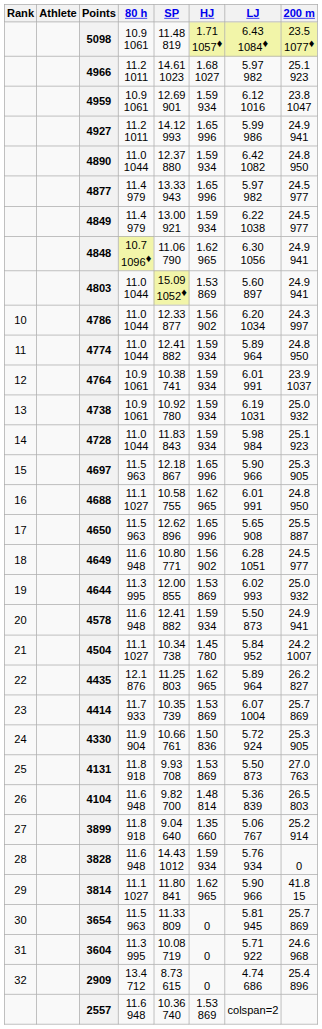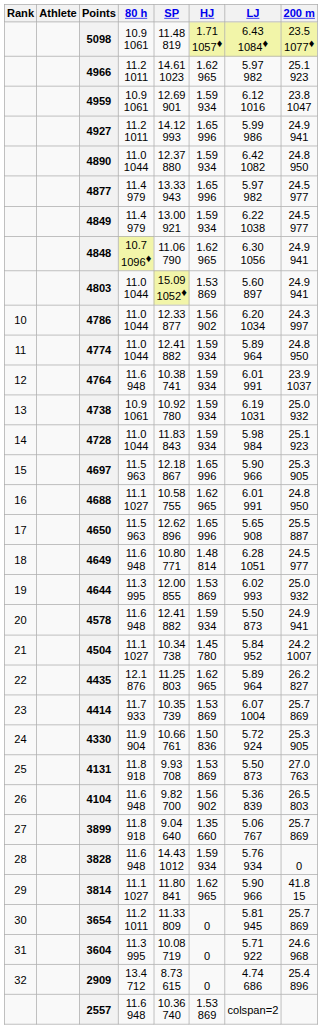 <table class="wikitable sortable" style="font-size:95%; text-align:center">
 <tr bgcolor=#E6E6E6>
 <th>Rank</th>
 <th>Athlete</th>
 <th>Points</th>
 <th><a href='#'>80 h</a></th>
 <th><a href='#'>SP</a></th>
 <th><a href='#'>HJ</a></th>
 <th><a href='#'>LJ</a></th>
 <th><a href='#'>200 m</a></th>
 </tr>
 <tr>
 <td></td>
 <td align=left></td>
 <th>5098</th>
 <td>10.9<br>1061</td>
 <td>11.48<br>819</td>
 <td bgcolor=#F2F5A9>1.71<br>1057<sup><big>♦</big></sup></td>
 <td bgcolor=#F2F5A9>6.43<br>1084<sup><big>♦</big></sup></td>
 <td bgcolor=#F2F5A9>23.5<br>1077<sup><big>♦</big></sup></td>
 </tr>
 <tr>
 <td></td>
 <td align=left></td>
 <th>4966</th>
 <td>11.2<br>1011</td>
 <td>14.61<br>1023</td>
-<td>1.68<br>1027</td>
+<td>1.62<br>965</td>
 <td>5.97<br>982</td>
 <td>25.1<br>923</td>
 </tr>
 <tr>
 <td></td>
 <td align=left></td>
 <th>4959</th>
 <td>10.9<br>1061</td>
 <td>12.69<br>901</td>
 <td>1.59<br>934</td>
 <td>6.12<br>1016</td>
 <td>23.8<br>1047</td>
 </tr>
 <tr>
 <td></td>
 <td align=left></td>
 <th>4927</th>
 <td>11.2<br>1011</td>
 <td>14.12<br>993</td>
 <td>1.65<br>996</td>
 <td>5.99<br>986</td>
 <td>24.9<br>941</td>
 </tr>
 <tr>
 <td></td>
 <td align=left></td>
 <th>4890</th>
 <td>11.0<br>1044</td>
 <td>12.37<br>880</td>
 <td>1.59<br>934</td>
 <td>6.42<br>1082</td>
 <td>24.8<br>950</td>
 </tr>
 <tr>
 <td></td>
 <td align=left></td>
 <th>4877</th>
 <td>11.4<br>979</td>
 <td>13.33<br>943</td>
 <td>1.65<br>996</td>
 <td>5.97<br>982</td>
 <td>24.5<br>977</td>
 </tr>
 <tr>
 <td></td>
 <td align=left></td>
 <th>4849</th>
 <td>11.4<br>979</td>
 <td>13.00<br>921</td>
 <td>1.59<br>934</td>
 <td>6.22<br>1038</td>
 <td>24.5<br>977</td>
 </tr>
 <tr>
 <td></td>
 <td align=left></td>
 <th>4848</th>
 <td bgcolor=#F2F5A9>10.7<br>1096<sup><big>♦</big></sup></td>
 <td>11.06<br>790</td>
 <td>1.62<br>965</td>
 <td>6.30<br>1056</td>
 <td>24.9<br>941</td>
 </tr>
 <tr>
 <td></td>
 <td align=left></td>
 <th>4803</th>
 <td>11.0<br>1044</td>
 <td bgcolor=#F2F5A9>15.09<br>1052<sup><big>♦</big></sup></td>
 <td>1.53<br>869</td>
 <td>5.60<br>897</td>
 <td>24.9<br>941</td>
 </tr>
 <tr>
 <td>10</td>
 <td align=left></td>
 <th>4786</th>
 <td>11.0<br>1044</td>
 <td>12.33<br>877</td>
 <td>1.56<br>902</td>
 <td>6.20<br>1034</td>
 <td>24.3<br>997</td>
 </tr>
 <tr>
 <td>11</td>
 <td align=left></td>
 <th>4774</th>
 <td>11.0<br>1044</td>
 <td>12.41<br>882</td>
 <td>1.59<br>934</td>
 <td>5.89<br>964</td>
 <td>24.8<br>950</td>
 </tr>
 <tr>
 <td>12</td>
 <td align=left></td>
 <th>4764</th>
-<td>10.9<br>1061</td>
+<td>11.6<br>948</td>
 <td>10.38<br>741</td>
 <td>1.59<br>934</td>
 <td>6.01<br>991</td>
 <td>23.9<br>1037</td>
 </tr>
 <tr>
 <td>13</td>
 <td align=left></td>
 <th>4738</th>
 <td>10.9<br>1061</td>
 <td>10.92<br>780</td>
 <td>1.59<br>934</td>
 <td>6.19<br>1031</td>
 <td>25.0<br>932</td>
 </tr>
 <tr>
 <td>14</td>
 <td align=left></td>
 <th>4728</th>
 <td>11.0<br>1044</td>
 <td>11.83<br>843</td>
 <td>1.59<br>934</td>
 <td>5.98<br>984</td>
 <td>25.1<br>923</td>
 </tr>
 <tr>
 <td>15</td>
 <td align=left></td>
 <th>4697</th>
 <td>11.5<br>963</td>
 <td>12.18<br>867</td>
 <td>1.65<br>996</td>
 <td>5.90<br>966</td>
 <td>25.3<br>905</td>
 </tr>
 <tr>
 <td>16</td>
 <td align=left></td>
 <th>4688</th>
 <td>11.1<br>1027</td>
 <td>10.58<br>755</td>
 <td>1.62<br>965</td>
 <td>6.01<br>991</td>
 <td>24.8<br>950</td>
 </tr>
 <tr>
 <td>17</td>
 <td align=left></td>
 <th>4650</th>
 <td>11.5<br>963</td>
 <td>12.62<br>896</td>
 <td>1.65<br>996</td>
 <td>5.65<br>908</td>
 <td>25.5<br>887</td>
 </tr>
 <tr>
 <td>18</td>
 <td align=left></td>
 <th>4649</th>
 <td>11.6<br>948</td>
 <td>10.80<br>771</td>
-<td>1.56<br>902</td>
+<td>1.48<br>814</td>
 <td>6.28<br>1051</td>
 <td>24.5<br>977</td>
 </tr>
 <tr>
 <td>19</td>
 <td align=left></td>
 <th>4644</th>
 <td>11.3<br>995</td>
 <td>12.00<br>855</td>
 <td>1.53<br>869</td>
 <td>6.02<br>993</td>
 <td>25.0<br>932</td>
 </tr>
 <tr>
 <td>20</td>
 <td align=left></td>
 <th>4578</th>
 <td>11.6<br>948</td>
 <td>12.41<br>882</td>
 <td>1.59<br>934</td>
 <td>5.50<br>873</td>
 <td>24.9<br>941</td>
 </tr>
 <tr>
 <td>21</td>
 <td align=left></td>
 <th>4504</th>
 <td>11.1<br>1027</td>
 <td>10.34<br>738</td>
 <td>1.45<br>780</td>
 <td>5.84<br>952</td>
 <td>24.2<br>1007</td>
 </tr>
 <tr>
 <td>22</td>
 <td align=left></td>
 <th>4435</th>
 <td>12.1<br>876</td>
 <td>11.25<br>803</td>
 <td>1.62<br>965</td>
 <td>5.89<br>964</td>
 <td>26.2<br>827</td>
 </tr>
 <tr>
 <td>23</td>
 <td align=left></td>
 <th>4414</th>
 <td>11.7<br>933</td>
 <td>10.35<br>739</td>
 <td>1.53<br>869</td>
 <td>6.07<br>1004</td>
 <td>25.7<br>869</td>
 </tr>
 <tr>
 <td>24</td>
 <td align=left></td>
 <th>4330</th>
 <td>11.9<br>904</td>
 <td>10.66<br>761</td>
 <td>1.50<br>836</td>
 <td>5.72<br>924</td>
 <td>25.3<br>905</td>
 </tr>
 <tr>
 <td>25</td>
 <td align=left></td>
 <th>4131</th>
 <td>11.8<br>918</td>
 <td>9.93<br>708</td>
 <td>1.53<br>869</td>
 <td>5.50<br>873</td>
 <td>27.0<br>763</td>
 </tr>
 <tr>
 <td>26</td>
 <td align=left></td>
 <th>4104</th>
 <td>11.6<br>948</td>
 <td>9.82<br>700</td>
-<td>1.48<br>814</td>
+<td>1.56<br>902</td>
 <td>5.36<br>839</td>
 <td>26.5<br>803</td>
 </tr>
 <tr>
 <td>27</td>
 <td align=left></td>
 <th>3899</th>
 <td>11.8<br>918</td>
 <td>9.04<br>640</td>
 <td>1.35<br>660</td>
 <td>5.06<br>767</td>
-<td>25.2<br>914</td>
+<td>25.7<br>869</td>
 </tr>
 <tr>
 <td>28</td>
 <td align=left></td>
 <th>3828</th>
 <td>11.6<br>948</td>
 <td>14.43<br>1012</td>
 <td>1.59<br>934</td>
 <td>5.76<br>934</td>
 <td><br>0</td>
 </tr>
 <tr>
 <td>29</td>
 <td align=left></td>
 <th>3814</th>
 <td>11.1<br>1027</td>
 <td>11.80<br>841</td>
 <td>1.62<br>965</td>
 <td>5.90<br>966</td>
 <td>41.8<br>15</td>
 </tr>
 <tr>
 <td>30</td>
 <td align=left></td>
 <th>3654</th>
-<td>11.5<br>963</td>
+<td>11.2<br>1011</td>
 <td>11.33<br>809</td>
 <td><br>0</td>
 <td>5.81<br>945</td>
 <td>25.7<br>869</td>
 </tr>
 <tr>
 <td>31</td>
 <td align=left></td>
 <th>3604</th>
 <td>11.3<br>995</td>
 <td>10.08<br>719</td>
 <td><br>0</td>
 <td>5.71<br>922</td>
 <td>24.6<br>968</td>
 </tr>
 <tr>
 <td>32</td>
 <td align=left></td>
 <th>2909</th>
 <td>13.4<br>712</td>
 <td>8.73<br>615</td>
 <td><br>0</td>
 <td>4.74<br>686</td>
 <td>25.4<br>896</td>
 </tr>
 <tr>
 <td></td>
 <td align=left></td>
 <th>2557</th>
 <td>11.6<br>948</td>
 <td>10.36<br>740</td>
 <td>1.53<br>869</td>
 <td>colspan=2 </td>
 </tr>
 </table>
